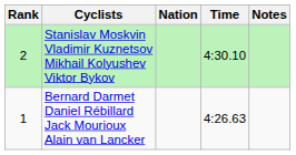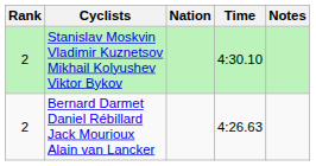 <table class="wikitable sortable" style=text-align:center>
 <tr>
 <th>Rank</th>
 <th>Cyclists</th>
 <th>Nation</th>
 <th>Time</th>
 <th>Notes</th>
 </tr>
 <tr bgcolor=bbf3bb>
 <td>2</td>
 <td align=left><a href='#'>Stanislav Moskvin</a><br><a href='#'>Vladimir Kuznetsov</a><br><a href='#'>Mikhail Kolyushev</a><br><a href='#'>Viktor Bykov</a></td>
 <td align=left></td>
 <td>4:30.10</td>
 <td></td>
 </tr>
 <tr>
-<td>1</td>
+<td>2</td>
 <td align=left><a href='#'>Bernard Darmet</a><br><a href='#'>Daniel Rébillard</a><br><a href='#'>Jack Mourioux</a><br><a href='#'>Alain van Lancker</a></td>
 <td align=left></td>
 <td>4:26.63</td>
 <td></td>
 </tr>
 </table>
